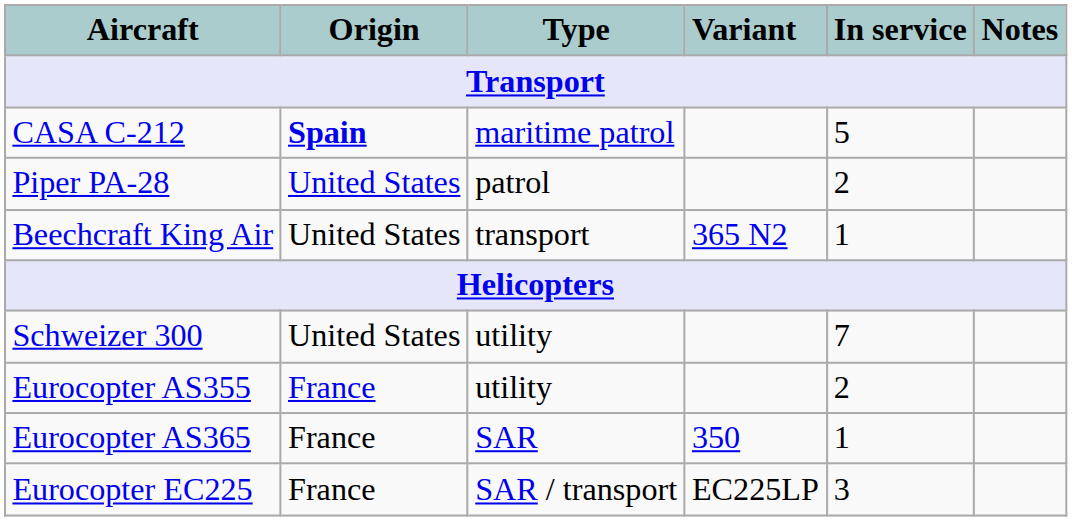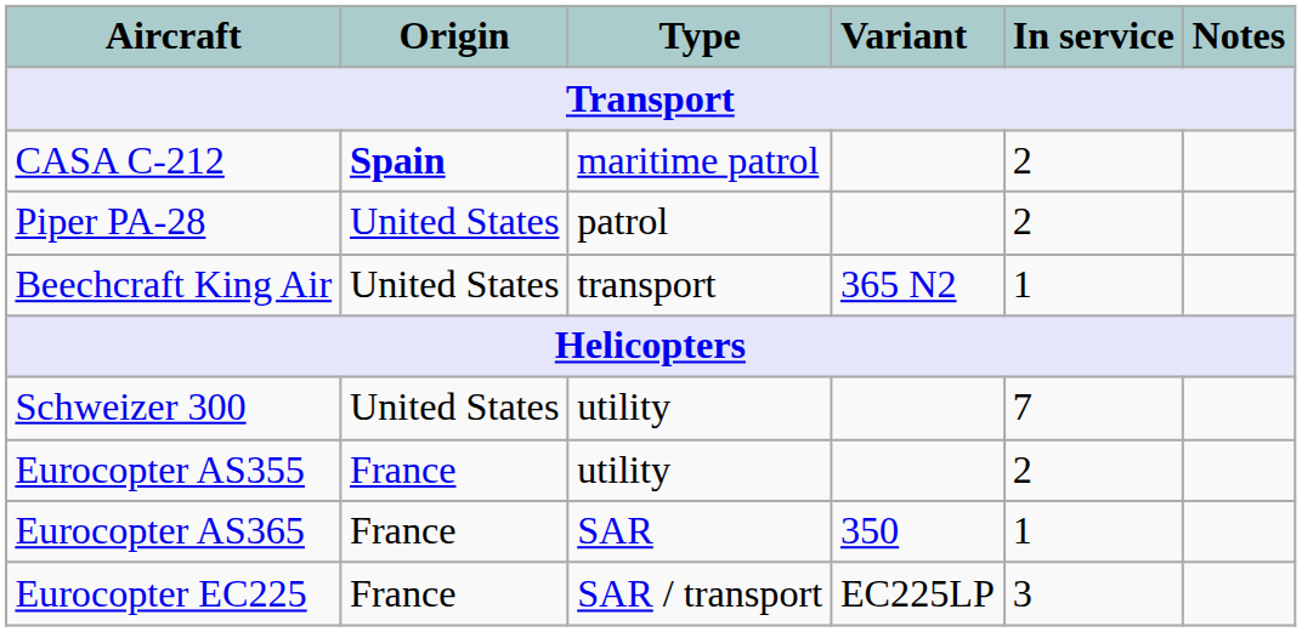 <table class="wikitable">
 <tr>
 <th style="text-align:center; background:#acc;">Aircraft</th>
 <th style="text-align: center; background:#acc;">Origin</th>
 <th style="text-align:l center; background:#acc;">Type</th>
 <th style="text-align:left; background:#acc;">Variant</th>
 <th style="text-align:center; background:#acc;">In service</th>
 <th style="text-align: center; background:#acc;">Notes</th>
 </tr>
 <tr>
 <th style="align: center; background: lavender;" colspan="7"><a href='#'>Transport</a></th>
 </tr>
 <tr>
 <td><a href='#'>CASA C-212</a></td>
 <td><strong><a href='#'>Spain</a></strong></td>
 <td><a href='#'>maritime patrol</a></td>
 <td></td>
-<td>5</td>
+<td>2</td>
 <td></td>
 </tr>
 <tr>
 <td><a href='#'>Piper PA-28</a></td>
 <td><a href='#'>United States</a></td>
 <td>patrol</td>
 <td></td>
 <td>2</td>
 <td></td>
 </tr>
 <tr>
 <td><a href='#'>Beechcraft King Air</a></td>
 <td>United States</td>
 <td>transport</td>
 <td><a href='#'>365 N2</a></td>
 <td>1</td>
 <td></td>
 </tr>
 <tr>
 <th style="align: center; background: lavender;" colspan="7"><a href='#'>Helicopters</a></th>
 </tr>
 <tr>
 <td><a href='#'>Schweizer 300</a></td>
 <td>United States</td>
 <td>utility</td>
 <td></td>
 <td>7</td>
 <td></td>
 </tr>
 <tr>
 <td><a href='#'>Eurocopter AS355</a></td>
 <td><a href='#'>France</a></td>
 <td>utility</td>
 <td></td>
 <td>2</td>
 <td></td>
 </tr>
 <tr>
 <td><a href='#'>Eurocopter AS365</a></td>
 <td>France</td>
 <td><a href='#'>SAR</a></td>
 <td><a href='#'>350</a></td>
 <td>1</td>
 <td></td>
 </tr>
 <tr>
 <td><a href='#'>Eurocopter EC225</a></td>
 <td>France</td>
 <td><a href='#'>SAR</a> / transport</td>
 <td>EC225LP</td>
 <td>3</td>
 <td></td>
 </tr>
 </table>
